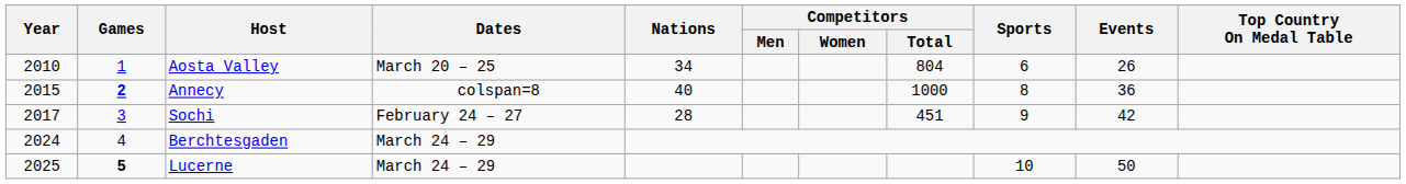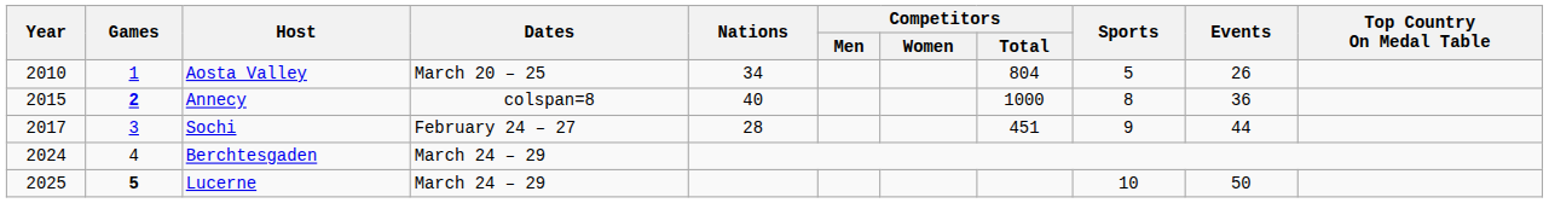 <table class="wikitable" style="margin:1em auto;text-align:center" width="75%">
 <tr>
 <th rowspan=2>Year</th>
 <th rowspan=2>Games</th>
 <th rowspan=2>Host</th>
 <th rowspan=2>Dates</th>
 <th rowspan=2>Nations</th>
 <th colspan=3>Competitors</th>
 <th rowspan=2>Sports</th>
 <th rowspan=2>Events</th>
 <th rowspan=2>Top Country <br> On Medal Table</th>
 </tr>
 <tr>
 <th>Men</th>
 <th>Women</th>
 <th>Total</th>
 </tr>
 <tr>
 <td>2010</td>
 <td><a href='#'>1</a></td>
 <td align=left> <a href='#'>Aosta Valley</a></td>
 <td align=left>March 20 – 25</td>
 <td>34</td>
 <td></td>
 <td></td>
 <td>804</td>
-<td>6</td>
+<td>5</td>
 <td>26</td>
 <td align=left></td>
 </tr>
 <tr>
 <td>2015</td>
 <td><strong><a href='#'>2</a></strong></td>
 <td align=left> <a href='#'>Annecy</a></td>
 <td>colspan=8 </td>
 <td>40</td>
 <td></td>
 <td></td>
 <td>1000</td>
 <td>8</td>
 <td>36</td>
 <td align=left></td>
 </tr>
 <tr>
 <td>2017</td>
 <td><a href='#'>3</a></td>
 <td align=left> <a href='#'>Sochi</a></td>
 <td align=left>February 24 – 27</td>
 <td>28</td>
 <td></td>
 <td></td>
 <td>451</td>
 <td>9</td>
-<td>42</td>
+<td>44</td>
 <td align=left></td>
 </tr>
 <tr>
 <td>2024</td>
 <td>4</td>
 <td align=left> <a href='#'>Berchtesgaden</a></td>
 <td align=left>March 24 – 29</td>
 </tr>
 <tr>
 <td>2025</td>
 <td><strong>5</strong></td>
 <td align=left> <a href='#'>Lucerne</a></td>
 <td align=left>March 24 – 29</td>
 <td></td>
 <td></td>
 <td></td>
 <td></td>
 <td>10</td>
 <td>50</td>
 <td align=left></td>
 </tr>
 </table>
